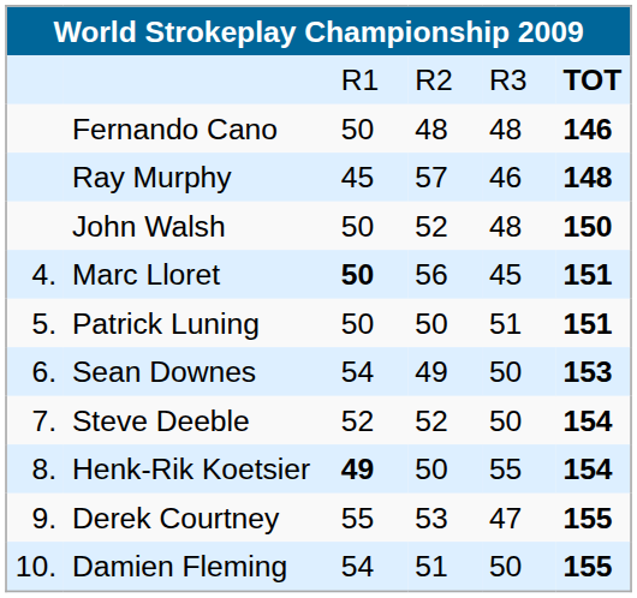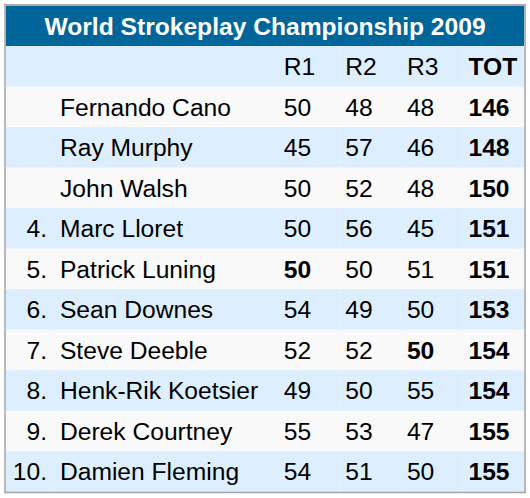 <table align=center cellpadding="4" cellspacing="0" style="background: #f9f9f9; border: 1px #aaa solid; border-collapse: collapse; font-size: 95%;">
 <tr align=center style="background:#006699; color:white">
 <th width=100% colspan=6>World Strokeplay Championship 2009</th>
 </tr>
 <tr align=left style="background:#ddefff;">
 <td align=right></td>
 <td width=130> </td>
 <td width=30>R1</td>
 <td width=30>R2</td>
 <td width=30>R3</td>
 <td width=30><strong>TOT</strong></td>
 </tr>
 <tr align=left>
 <td align=right></td>
 <td> Fernando Cano</td>
 <td>50</td>
 <td>48</td>
 <td>48</td>
 <td><strong>146</strong></td>
 </tr>
 <tr align=left style="background:#ddefff;">
 <td align=right></td>
 <td> Ray Murphy</td>
 <td>45</td>
 <td>57</td>
 <td>46</td>
 <td><strong>148</strong></td>
 </tr>
 <tr align=left>
 <td align=right></td>
 <td> John Walsh</td>
 <td>50</td>
 <td>52</td>
 <td>48</td>
 <td><strong>150</strong></td>
 </tr>
 <tr align=left style="background:#ddefff;">
 <td align=right>4.</td>
 <td> Marc Lloret</td>
-<td><strong>50</strong></td>
+<td>50</td>
 <td>56</td>
 <td>45</td>
 <td><strong>151</strong></td>
 </tr>
 <tr align=left>
 <td align=right>5.</td>
 <td> Patrick Luning</td>
-<td>50</td>
+<td><strong>50</strong></td>
 <td>50</td>
 <td>51</td>
 <td><strong>151</strong></td>
 </tr>
 <tr align=left style="background:#ddefff;">
 <td align=right>6.</td>
 <td> Sean Downes</td>
 <td>54</td>
 <td>49</td>
 <td>50</td>
 <td><strong>153</strong></td>
 </tr>
 <tr align=left>
 <td align=right>7.</td>
 <td> Steve Deeble</td>
 <td>52</td>
 <td>52</td>
-<td>50</td>
+<td><strong>50</strong></td>
 <td><strong>154</strong></td>
 </tr>
 <tr align=left style="background:#ddefff;">
 <td align=right>8.</td>
 <td> Henk-Rik Koetsier</td>
-<td><strong>49</strong></td>
+<td>49</td>
 <td>50</td>
 <td>55</td>
 <td><strong>154</strong></td>
 </tr>
 <tr align=left>
 <td align=right>9.</td>
 <td> Derek Courtney</td>
 <td>55</td>
 <td>53</td>
 <td>47</td>
 <td><strong>155</strong></td>
 </tr>
 <tr align=left style="background:#ddefff;">
 <td align=right>10.</td>
 <td> Damien Fleming</td>
 <td>54</td>
 <td>51</td>
 <td>50</td>
 <td><strong>155</strong></td>
 </tr>
 </table>
